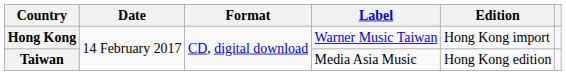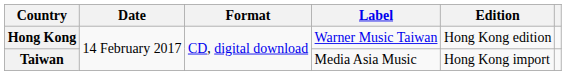 <table class="wikitable plainrowheaders">
 <tr>
 <th scope="col">Country</th>
 <th scope="col">Date</th>
 <th scope="col">Format</th>
 <th scope="col"><a href='#'>Label</a></th>
 <th scope="col">Edition</th>
 <th scope="col"></th>
 </tr>
 <tr>
 <th scope="row">Hong Kong</th>
 <td rowspan="2">14 February 2017</td>
 <td rowspan="2"><a href='#'>CD</a>, <a href='#'>digital download</a></td>
 <td><a href='#'>Warner Music Taiwan</a></td>
-<td>Hong Kong import</td>
+<td>Hong Kong edition</td>
 <td align="center"></td>
 </tr>
 <tr>
 <th scope="row">Taiwan</th>
 <td>Media Asia Music</td>
-<td>Hong Kong edition</td>
+<td>Hong Kong import</td>
 <td align="center"></td>
 </tr>
 </table>
